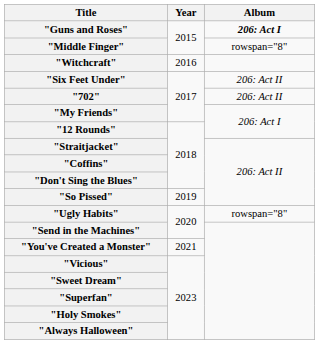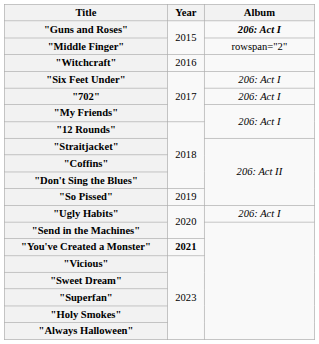 <table class="wikitable plainrowheaders" style="text-align:center;">
 <tr>
 <th scope="col" style="width:15em;">Title</th>
 <th scope="col" style="width:3em;">Year</th>
 <th scope="col" style="width:10em;">Album</th>
 </tr>
 <tr>
 <th scope="row">"Guns and Roses"</th>
 <td rowspan="2">2015</td>
 <td><strong><em>206: Act I</em></strong></td>
 </tr>
 <tr>
 <th scope="row">"Middle Finger"</th>
-<td>rowspan="8" </td>
+<td>rowspan="2" </td>
 </tr>
 <tr>
 <th scope="row">"Witchcraft"</th>
 <td>2016</td>
 </tr>
 <tr>
 <th scope="row">"Six Feet Under"</th>
 <td rowspan="3">2017</td>
-<td><em>206: Act II</em></td>
+<td><em>206: Act I</em></td>
 </tr>
 <tr>
 <th scope="row">"702"</th>
-<td><em>206: Act II</em></td>
+<td><em>206: Act I</em></td>
 </tr>
 <tr>
 <th scope="row">"My Friends"</th>
 <td rowspan="2"><em>206: Act I</em></td>
 </tr>
 <tr>
 <th scope="row">"12 Rounds"</th>
 <td rowspan="4">2018</td>
 </tr>
 <tr>
 <th scope="row">"Straitjacket"</th>
 <td rowspan="4"><em>206: Act II</em></td>
 </tr>
 <tr>
 <th scope="row">"Coffins"</th>
 </tr>
 <tr>
 <th scope="row">"Don't Sing the Blues"</th>
 </tr>
 <tr>
 <th scope="row">"So Pissed"</th>
 <td>2019</td>
 </tr>
 <tr>
 <th scope="row">"Ugly Habits"</th>
 <td rowspan="2">2020</td>
-<td>rowspan="8" </td>
+<td><em>206: Act I</em></td>
 </tr>
 <tr>
 <th scope="row">"Send in the Machines"</th>
 </tr>
 <tr>
 <th scope="row">"You've Created a Monster"</th>
-<td>2021</td>
+<td><strong>2021</strong></td>
 </tr>
 <tr>
 <th scope="row">"Vicious"</th>
 <td rowspan="5">2023</td>
 </tr>
 <tr>
 <th scope="row">"Sweet Dream"</th>
 </tr>
 <tr>
 <th scope="row">"Superfan"</th>
 </tr>
 <tr>
 <th scope="row">"Holy Smokes"</th>
 </tr>
 <tr>
 <th scope="row">"Always Halloween"</th>
 </tr>
 </table>
